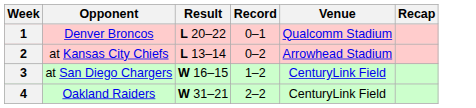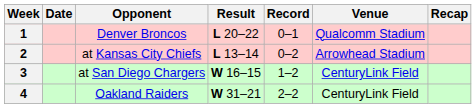 <table class="wikitable" style="text-align:center">
 <tr>
 <th>Week</th>
+<th>Date</th>
 <th>Opponent</th>
 <th>Result</th>
 <th>Record</th>
 <th>Venue</th>
 <th>Recap</th>
 </tr>
 <tr style="background:#fcc">
 <th>1</th>
+<td></td>
 <td><a href='#'>Denver Broncos</a></td>
 <td><strong>L</strong> 20–22</td>
 <td>0–1</td>
 <td><a href='#'>Qualcomm Stadium</a></td>
 <td></td>
 </tr>
 <tr style="background:#fcc">
 <th>2</th>
+<td></td>
 <td>at <a href='#'>Kansas City Chiefs</a></td>
 <td><strong>L</strong> 13–14</td>
 <td>0–2</td>
 <td><a href='#'>Arrowhead Stadium</a></td>
 <td></td>
 </tr>
 <tr style="background:#cfc">
 <th>3</th>
+<td></td>
 <td>at <a href='#'>San Diego Chargers</a></td>
 <td><strong>W</strong> 16–15</td>
 <td>1–2</td>
 <td><a href='#'>CenturyLink Field</a></td>
 <td></td>
 </tr>
 <tr style="background:#cfc">
 <th>4</th>
+<td></td>
 <td><a href='#'>Oakland Raiders</a></td>
 <td><strong>W</strong> 31–21</td>
 <td>2–2</td>
 <td>CenturyLink Field</td>
 <td></td>
 </tr>
 </table>
